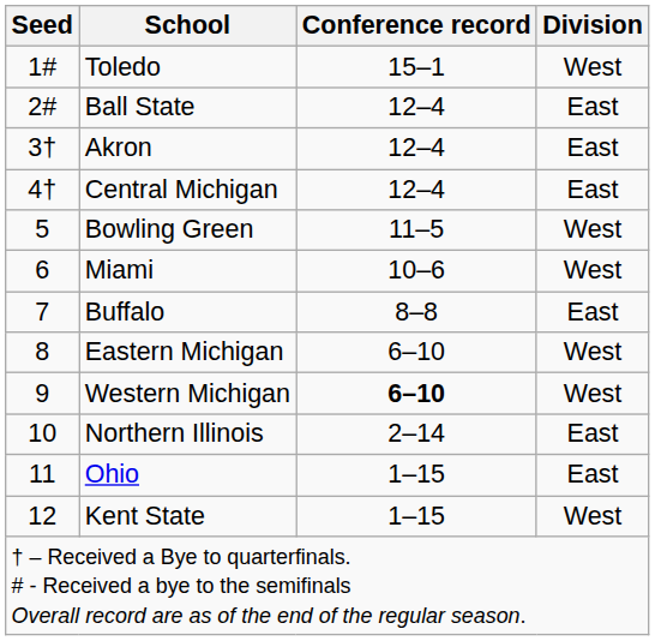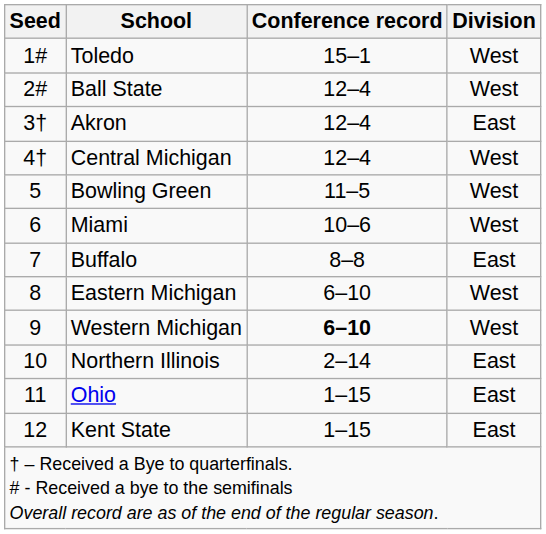 <table class="wikitable" style="text-align:center">
 <tr>
 <th>Seed</th>
 <th>School</th>
 <th>Conference record</th>
 <th>Division</th>
 </tr>
 <tr>
 <td>1#</td>
 <td align=left>Toledo</td>
 <td>15–1</td>
 <td>West</td>
 </tr>
 <tr>
 <td>2#</td>
 <td align=left>Ball State</td>
 <td>12–4</td>
-<td>East</td>
+<td>West</td>
 </tr>
 <tr>
 <td>3†</td>
 <td align=left>Akron</td>
 <td>12–4</td>
 <td>East</td>
 </tr>
 <tr>
 <td>4†</td>
 <td align=left>Central Michigan</td>
 <td>12–4</td>
-<td>East</td>
+<td>West</td>
 </tr>
 <tr>
 <td>5</td>
 <td align=left>Bowling Green</td>
 <td>11–5</td>
 <td>West</td>
 </tr>
 <tr>
 <td>6</td>
 <td align=left>Miami</td>
 <td>10–6</td>
 <td>West</td>
 </tr>
 <tr>
 <td>7</td>
 <td align=left>Buffalo</td>
 <td>8–8</td>
 <td>East</td>
 </tr>
 <tr>
 <td>8</td>
 <td align=left>Eastern Michigan</td>
 <td>6–10</td>
 <td>West</td>
 </tr>
 <tr>
 <td>9</td>
 <td align=left>Western Michigan</td>
 <td><strong>6–10</strong></td>
 <td>West</td>
 </tr>
 <tr>
 <td>10</td>
 <td align=left>Northern Illinois</td>
 <td>2–14</td>
 <td>East</td>
 </tr>
 <tr>
 <td>11</td>
 <td align=left><a href='#'>Ohio</a></td>
 <td>1–15</td>
 <td>East</td>
 </tr>
 <tr>
 <td>12</td>
 <td align=left>Kent State</td>
 <td>1–15</td>
-<td>West</td>
+<td>East</td>
 </tr>
 <tr>
 <td colspan="5" style="text-align:left;"><small>† – Received a Bye to quarterfinals.<br># - Received a bye to the semifinals <br><em>Overall record are as of the end of the regular season</em>.</small></td>
 </tr>
 </table>
